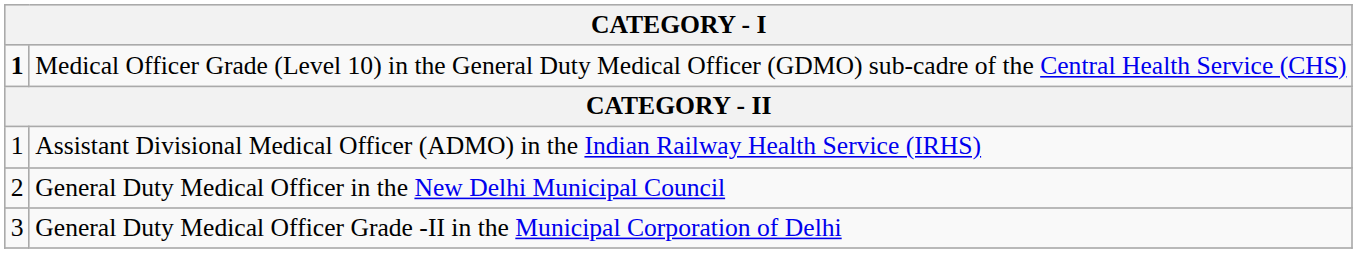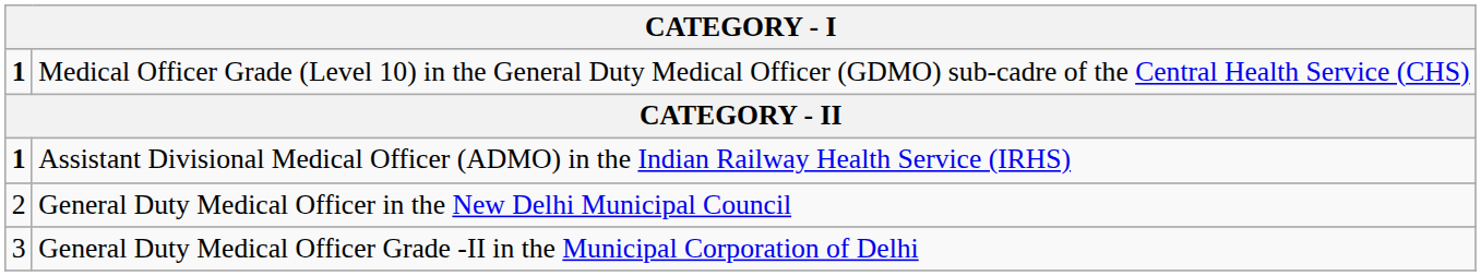 <table class="wikitable">
 <tr>
 <th colspan="2">CATEGORY - I</th>
 </tr>
 <tr>
 <td><strong>1</strong></td>
 <td>Medical Officer Grade (Level 10) in the General Duty Medical Officer (GDMO) sub-cadre of the <a href='#'>Central Health Service (CHS)</a></td>
 </tr>
 <tr>
 <th colspan="2">CATEGORY - II</th>
 </tr>
 <tr>
-<td>1</td>
+<td><strong>1</strong></td>
 <td>Assistant Divisional Medical Officer (ADMO) in the <a href='#'>Indian Railway Health Service (IRHS)</a></td>
 </tr>
 <tr>
 <td>2</td>
 <td>General Duty Medical Officer in the <a href='#'>New Delhi Municipal Council</a></td>
 </tr>
 <tr>
 <td>3</td>
 <td>General Duty Medical Officer Grade -II in the <a href='#'>Municipal Corporation of Delhi</a></td>
 </tr>
 </table>
